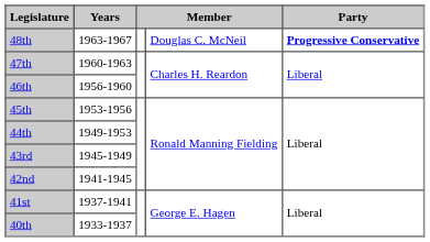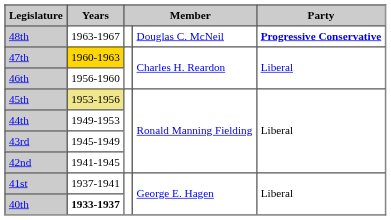 <table border=1 cellpadding=5 cellspacing=0>
 <tr bgcolor="CCCCCC">
 <th>Legislature</th>
 <th>Years</th>
 <th colspan="2">Member</th>
 <th>Party</th>
 </tr>
 <tr>
 <td bgcolor="CCCCCC"><a href='#'>48th</a></td>
 <td>1963-1967</td>
 <td rowspan="1" ></td>
 <td><a href='#'>Douglas C. McNeil</a></td>
 <td><strong><a href='#'>Progressive Conservative</a></strong></td>
 </tr>
 <tr>
 <td bgcolor="CCCCCC"><a href='#'>47th</a></td>
-<td>1960-1963</td>
+<td style="background: gold;">1960-1963</td>
 <td rowspan="2" ></td>
 <td rowspan="2"><a href='#'>Charles H. Reardon</a></td>
 <td rowspan="2"><a href='#'>Liberal</a></td>
 </tr>
 <tr>
 <td bgcolor="CCCCCC"><a href='#'>46th</a></td>
 <td>1956-1960</td>
 </tr>
 <tr>
 <td bgcolor="CCCCCC"><a href='#'>45th</a></td>
-<td>1953-1956</td>
+<td style="background: khaki;">1953-1956</td>
 <td rowspan="4" ></td>
 <td rowspan="4"><a href='#'>Ronald Manning Fielding</a></td>
 <td rowspan="4">Liberal</td>
 </tr>
 <tr>
 <td bgcolor="CCCCCC"><a href='#'>44th</a></td>
 <td>1949-1953</td>
 </tr>
 <tr>
 <td bgcolor="CCCCCC"><a href='#'>43rd</a></td>
 <td>1945-1949</td>
 </tr>
 <tr>
 <td bgcolor="CCCCCC"><a href='#'>42nd</a></td>
 <td>1941-1945</td>
 </tr>
 <tr>
 <td bgcolor="CCCCCC"><a href='#'>41st</a></td>
 <td>1937-1941</td>
 <td rowspan="2" ></td>
 <td rowspan="2"><a href='#'>George E. Hagen</a></td>
 <td rowspan="2">Liberal</td>
 </tr>
 <tr>
 <td bgcolor="CCCCCC"><a href='#'>40th</a></td>
-<td>1933-1937</td>
+<td><strong>1933-1937</strong></td>
 </tr>
 </table>
